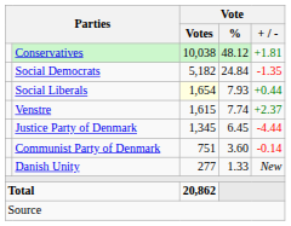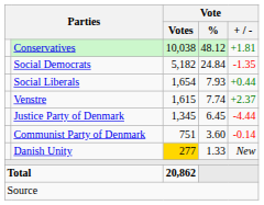 <table class="wikitable" style="text-align:right;">
 <tr>
 <th style="text-align:centre;" rowspan="2" colspan="2" width="225">Parties</th>
 <th colspan="3">Vote</th>
 </tr>
 <tr>
 <th width="15">Votes</th>
 <th width="15">%</th>
 <th width="15">+ / -</th>
 </tr>
 <tr>
 <td width="2" style="color:inherit;background:"></td>
 <td bgcolor=#ccf7cc  align="left"><a href='#'>Conservatives</a></td>
 <td bgcolor=#ccf7cc>10,038</td>
 <td bgcolor=#ccf7cc>48.12</td>
 <td style=color:green;>+1.81</td>
 </tr>
 <tr>
 <td width="2" style="color:inherit;background:"></td>
 <td align="left"><a href='#'>Social Democrats</a></td>
 <td>5,182</td>
 <td>24.84</td>
 <td style=color:red;>-1.35</td>
 </tr>
 <tr>
 <td width="2" style="color:inherit;background:"></td>
 <td align="left"><a href='#'>Social Liberals</a></td>
-<td style="background: lightyellow;">1,654</td>
+<td>1,654</td>
 <td>7.93</td>
 <td style=color:green;>+0.44</td>
 </tr>
 <tr>
 <td width="2" style="color:inherit;background:"></td>
 <td align="left"><a href='#'>Venstre</a></td>
 <td>1,615</td>
 <td>7.74</td>
 <td style=color:green;>+2.37</td>
 </tr>
 <tr>
 <td width="2" style="color:inherit;background:"></td>
 <td align="left"><a href='#'>Justice Party of Denmark</a></td>
 <td>1,345</td>
 <td>6.45</td>
 <td style=color:red;>-4.44</td>
 </tr>
 <tr>
 <td width="2" style="color:inherit;background:"></td>
 <td align="left"><a href='#'>Communist Party of Denmark</a></td>
 <td>751</td>
 <td>3.60</td>
 <td style=color:red;>-0.14</td>
 </tr>
 <tr>
 <td width="2" style="color:inherit;background:"></td>
 <td align="left"><a href='#'>Danish Unity</a></td>
-<td>277</td>
+<td style="background: gold;">277</td>
 <td>1.33</td>
 <td><em>New</em></td>
 </tr>
 <tr>
 <td colspan="7" bgcolor="#E9E9E9"></td>
 </tr>
 <tr>
 <td align="left" colspan="2"><strong>Total</strong></td>
 <td><strong>20,862</strong></td>
 <td bgcolor="#E9E9E9" colspan="2"></td>
 </tr>
 <tr>
 <td align="left" colspan="6">Source</td>
 </tr>
 </table>
